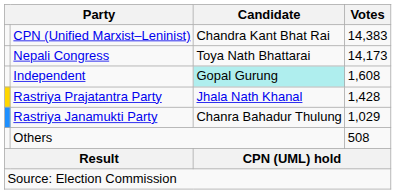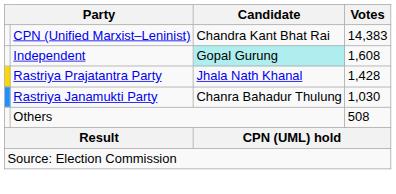 <table class="wikitable">
 <tr>
 <th colspan="2">Party</th>
 <th>Candidate</th>
 <th>Votes</th>
 </tr>
 <tr>
 <td style="background-color:"></td>
 <td><a href='#'>CPN (Unified Marxist–Leninist)</a></td>
 <td>Chandra Kant Bhat Rai</td>
 <td>14,383</td>
-</tr>
-<tr>
-<td style="background-color:"></td>
-<td><a href='#'>Nepali Congress</a></td>
-<td>Toya Nath Bhattarai</td>
-<td>14,173</td>
 </tr>
 <tr>
 <td style="background-color:"></td>
 <td><a href='#'>Independent</a></td>
 <td style="background: paleturquoise;">Gopal Gurung</td>
 <td>1,608</td>
 </tr>
 <tr>
 <td style="background-color:gold"></td>
 <td><a href='#'>Rastriya Prajatantra Party</a></td>
 <td><a href='#'>Jhala Nath Khanal</a></td>
 <td>1,428</td>
 </tr>
 <tr>
 <td style="background-color:dodgerblue"></td>
 <td><a href='#'>Rastriya Janamukti Party</a></td>
 <td>Chanra Bahadur Thulung</td>
-<td>1,029</td>
+<td>1,030</td>
 </tr>
 <tr>
 <td></td>
 <td colspan="2">Others</td>
 <td>508</td>
 </tr>
 <tr>
 <th colspan="2">Result</th>
 <th colspan="2">CPN (UML) hold</th>
 </tr>
 <tr>
 <td colspan="4">Source: Election Commission</td>
 </tr>
 </table>
